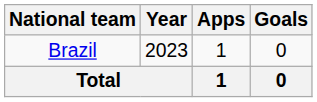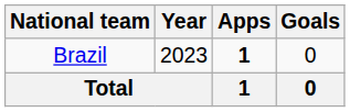 <table class=wikitable style=text-align:center>
 <tr>
 <th>National team</th>
 <th>Year</th>
 <th>Apps</th>
 <th>Goals</th>
 </tr>
 <tr>
 <td rowspan="1"><a href='#'>Brazil</a></td>
 <td>2023</td>
-<td>1</td>
+<td><strong>1</strong></td>
 <td>0</td>
 </tr>
 <tr>
 <th colspan=2>Total</th>
 <th>1</th>
 <th>0</th>
 </tr>
 </table>
